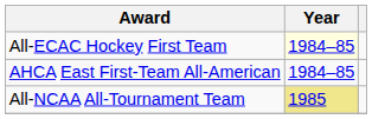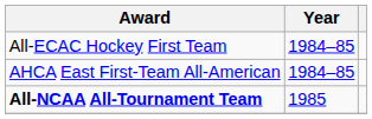 <table class="wikitable">
 <tr>
 <th>Award</th>
 <th>Year</th>
 <th></th>
 </tr>
 <tr>
 <td>All-<a href='#'>ECAC Hockey</a> <a href='#'>First Team</a></td>
-<td style="background: lightyellow;"><a href='#'>1984–85</a></td>
+<td><a href='#'>1984–85</a></td>
 <td></td>
 </tr>
 <tr>
 <td><a href='#'>AHCA</a> <a href='#'>East First-Team All-American</a></td>
 <td><a href='#'>1984–85</a></td>
 <td></td>
 </tr>
 <tr>
-<td>All-<a href='#'>NCAA</a> <a href='#'>All-Tournament Team</a></td>
-<td style="background: khaki;"><a href='#'>1985</a></td>
+<td><strong>All-<a href='#'>NCAA</a> <a href='#'>All-Tournament Team</a></strong></td>
+<td><a href='#'>1985</a></td>
 <td></td>
 </tr>
 <tr>
 </tr>
 </table>
